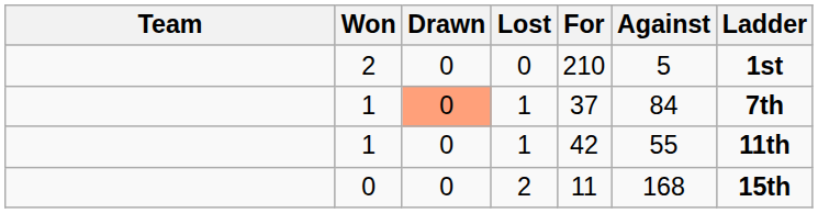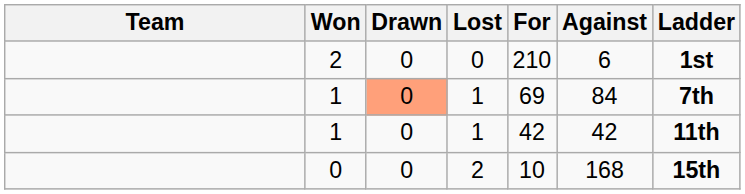 <table class="wikitable">
 <tr>
 <th width="200" bgcolor="#efefef">Team</th>
 <th width="20" bgcolor="#efefef">Won</th>
 <th width="20" bgcolor="#efefef">Drawn</th>
 <th width="20" bgcolor="#efefef">Lost</th>
 <th width="20" bgcolor="#efefef">For</th>
 <th width="20" bgcolor="#efefef">Against</th>
 <th width="20" bgcolor="#efefef">Ladder</th>
 </tr>
 <tr align="center">
 <td align="left"></td>
 <td>2</td>
 <td>0</td>
 <td>0</td>
 <td>210</td>
-<td>5</td>
+<td>6</td>
 <td><strong>1st</strong></td>
 </tr>
 <tr align="center">
 <td align="left"></td>
 <td>1</td>
 <td style="background: lightsalmon;">0</td>
 <td>1</td>
-<td>37</td>
+<td>69</td>
 <td>84</td>
 <td><strong>7th</strong></td>
 </tr>
 <tr align="center">
 <td align="left"></td>
 <td>1</td>
 <td>0</td>
 <td>1</td>
 <td>42</td>
-<td>55</td>
+<td>42</td>
 <td><strong>11th</strong></td>
 </tr>
 <tr align="center">
 <td align="left"></td>
 <td>0</td>
 <td>0</td>
 <td>2</td>
-<td>11</td>
+<td>10</td>
 <td>168</td>
 <td><strong>15th</strong></td>
 </tr>
 </table>
